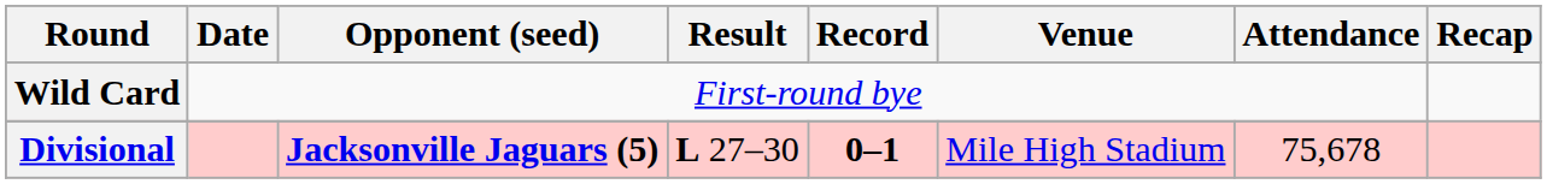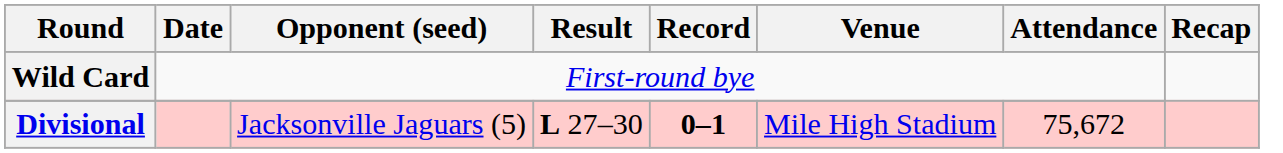 <table class="wikitable" style="text-align:center">
 <tr>
 <th>Round</th>
 <th>Date</th>
 <th>Opponent (seed)</th>
 <th>Result</th>
 <th>Record</th>
 <th>Venue</th>
 <th>Attendance</th>
 <th>Recap</th>
 </tr>
 <tr>
 <th>Wild Card</th>
 <td colspan="6" align="center"><em><a href='#'>First-round bye</a></em></td>
 </tr>
 <tr>
 </tr>
 <tr style="background: #fcc;">
 <th><a href='#'>Divisional</a></th>
 <td></td>
-<td><strong><a href='#'>Jacksonville Jaguars</a> (5)</strong></td>
+<td><a href='#'>Jacksonville Jaguars</a> (5)</td>
 <td><strong>L</strong> 27–30</td>
 <td><strong>0–1</strong></td>
 <td><a href='#'>Mile High Stadium</a></td>
-<td><div>75,678</div></td>
+<td><div>75,672</div></td>
 <td></td>
 </tr>
 </table>
